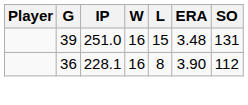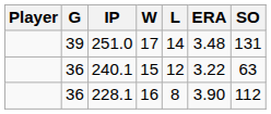 <table class="wikitable sortable" style="text-align:center;">
 <tr>
 <th>Player</th>
 <th>G</th>
 <th>IP</th>
 <th>W</th>
 <th>L</th>
 <th>ERA</th>
 <th>SO</th>
 </tr>
 <tr>
 <td></td>
 <td>39</td>
 <td>251.0</td>
-<td>16</td>
-<td>15</td>
+<td>17</td>
+<td>14</td>
 <td>3.48</td>
 <td>131</td>
+</tr>
+<tr>
+<td></td>
+<td>36</td>
+<td>240.1</td>
+<td>15</td>
+<td>12</td>
+<td>3.22</td>
+<td>63</td>
 </tr>
 <tr>
 <td></td>
 <td>36</td>
 <td>228.1</td>
 <td>16</td>
 <td>8</td>
 <td>3.90</td>
 <td>112</td>
 </tr>
 </table>
